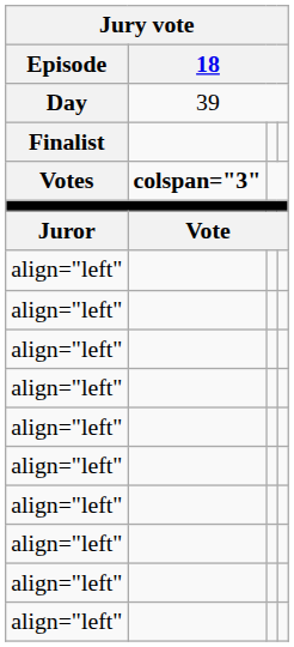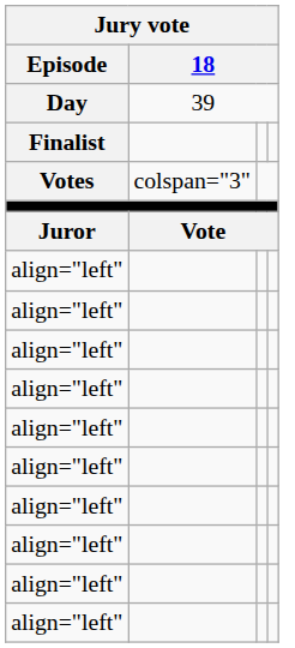 <table class="wikitable nowrap" style="text-align:center; font-size:95%">
 <tr>
 <th colspan="4">Jury vote</th>
 </tr>
 <tr>
 <th>Episode</th>
 <th colspan="3"><a href='#'>18</a></th>
 </tr>
 <tr>
 <th>Day</th>
 <td colspan="3">39</td>
 </tr>
 <tr>
 <th>Finalist</th>
 <td></td>
 <td></td>
 <td></td>
 </tr>
 <tr>
 <th>Votes</th>
-<td><strong>colspan="3" </strong></td>
+<td>colspan="3" </td>
 </tr>
 <tr>
 <th colspan="5" style="background:black;"></th>
 </tr>
 <tr>
 <th>Juror</th>
 <th colspan="4">Vote</th>
 </tr>
 <tr>
 <td>align="left" </td>
 <td></td>
 <td></td>
 <td></td>
 </tr>
 <tr>
 <td>align="left" </td>
 <td></td>
 <td></td>
 <td></td>
 </tr>
 <tr>
 <td>align="left" </td>
 <td></td>
 <td></td>
 <td></td>
 </tr>
 <tr>
 <td>align="left" </td>
 <td></td>
 <td></td>
 <td></td>
 </tr>
 <tr>
 <td>align="left" </td>
 <td></td>
 <td></td>
 <td></td>
 </tr>
 <tr>
 <td>align="left" </td>
 <td></td>
 <td></td>
 <td></td>
 </tr>
 <tr>
 <td>align="left" </td>
 <td></td>
 <td></td>
 <td></td>
 </tr>
 <tr>
 <td>align="left" </td>
 <td></td>
 <td></td>
 <td></td>
 </tr>
 <tr>
 <td>align="left" </td>
 <td></td>
 <td></td>
 <td></td>
 </tr>
 <tr>
 <td>align="left" </td>
 <td></td>
 <td></td>
 <td></td>
 </tr>
 </table>
